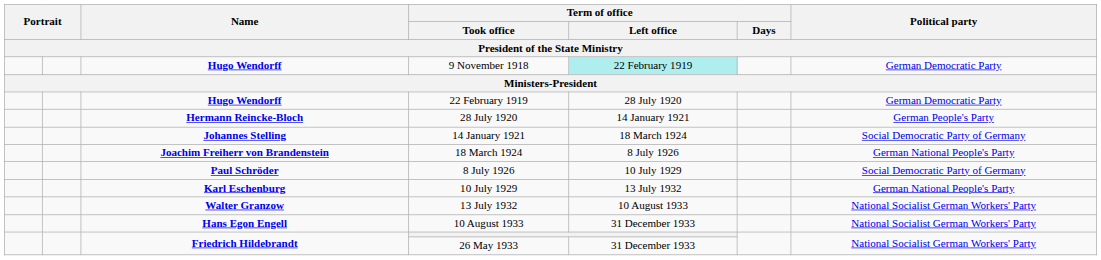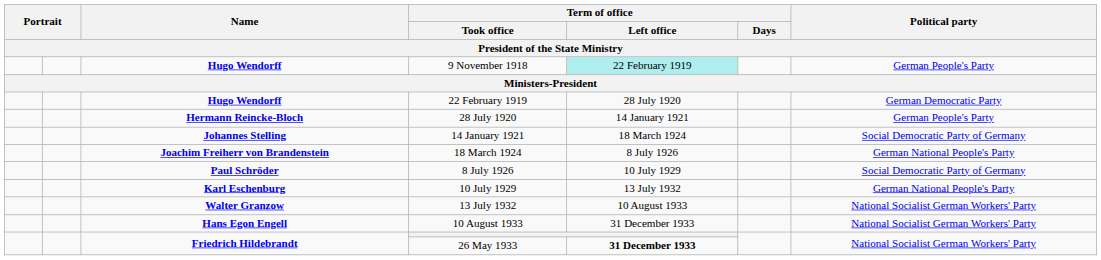 <table class="wikitable" style="text-align:center; width:100%; border:1px #AAAAFF solid">
 <tr>
 <th width=80px rowspan=2 colspan=2>Portrait</th>
 <th width=30% rowspan=2>Name<br></th>
 <th width=35% colspan=3>Term of office</th>
 <th width=28% rowspan=2>Political party</th>
 </tr>
 <tr>
 <th>Took office</th>
 <th>Left office</th>
 <th>Days</th>
 </tr>
 <tr>
 <th colspan="7">President of the State Ministry</th>
 </tr>
 <tr>
 <td style="background:"></td>
 <td></td>
 <td><strong><a href='#'>Hugo Wendorff</a></strong><br></td>
 <td>9 November 1918</td>
 <td style="background: paleturquoise;">22 February 1919</td>
 <td></td>
-<td><a href='#'>German Democratic Party</a></td>
+<td><a href='#'>German People's Party</a></td>
 </tr>
 <tr>
 <th colspan="7">Ministers-President</th>
 </tr>
 <tr>
 <td style="background:"></td>
 <td></td>
 <td><strong><a href='#'>Hugo Wendorff</a></strong><br></td>
 <td>22 February 1919</td>
 <td>28 July 1920</td>
 <td></td>
 <td><a href='#'>German Democratic Party</a></td>
 </tr>
 <tr>
 <td style="background:"></td>
 <td></td>
 <td><strong><a href='#'>Hermann Reincke-Bloch</a></strong><br></td>
 <td>28 July 1920</td>
 <td>14 January 1921</td>
 <td></td>
 <td><a href='#'>German People's Party</a></td>
 </tr>
 <tr>
 <td style="background:"></td>
 <td></td>
 <td><strong><a href='#'>Johannes Stelling</a></strong><br></td>
 <td>14 January 1921</td>
 <td>18 March 1924</td>
 <td></td>
 <td><a href='#'>Social Democratic Party of Germany</a></td>
 </tr>
 <tr>
 <td style="background:"></td>
 <td></td>
 <td><strong><a href='#'>Joachim Freiherr von Brandenstein</a></strong><br></td>
 <td>18 March 1924</td>
 <td>8 July 1926</td>
 <td></td>
 <td><a href='#'>German National People's Party</a></td>
 </tr>
 <tr>
 <td style="background:"></td>
 <td></td>
 <td><strong><a href='#'>Paul Schröder</a></strong><br></td>
 <td>8 July 1926</td>
 <td>10 July 1929</td>
 <td></td>
 <td><a href='#'>Social Democratic Party of Germany</a></td>
 </tr>
 <tr>
 <td style="background:"></td>
 <td></td>
 <td><strong><a href='#'>Karl Eschenburg</a></strong><br></td>
 <td>10 July 1929</td>
 <td>13 July 1932</td>
 <td></td>
 <td><a href='#'>German National People's Party</a></td>
 </tr>
 <tr>
 <td style="background:"></td>
 <td></td>
 <td><strong><a href='#'>Walter Granzow</a></strong><br></td>
 <td>13 July 1932</td>
 <td>10 August 1933</td>
 <td></td>
 <td><a href='#'>National Socialist German Workers' Party</a></td>
 </tr>
 <tr>
 <td style="background:"></td>
 <td></td>
 <td><strong><a href='#'>Hans Egon Engell</a></strong><br></td>
 <td>10 August 1933</td>
 <td>31 December 1933</td>
 <td></td>
 <td><a href='#'>National Socialist German Workers' Party</a></td>
 </tr>
 <tr>
 <td rowspan="2" style="background:"></td>
 <td rowspan="2"></td>
 <td rowspan="2"><strong><a href='#'>Friedrich Hildebrandt</a></strong><br></td>
 <th colspan="2"></th>
 <td rowspan="2"></td>
 <td rowspan="2"><a href='#'>National Socialist German Workers' Party</a></td>
 </tr>
 <tr>
 <td>26 May 1933</td>
-<td>31 December 1933</td>
+<td><strong>31 December 1933</strong></td>
 </tr>
 </table>
